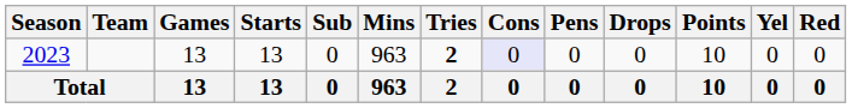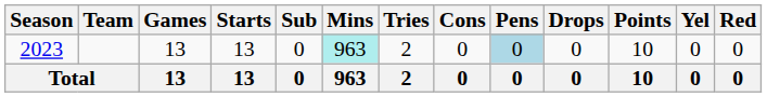 <table class="wikitable" style="text-align:center; line-height:90%; font-size:95%; width:60%;">
 <tr>
 <th>Season</th>
 <th>Team</th>
 <th>Games</th>
 <th>Starts</th>
 <th>Sub</th>
 <th>Mins</th>
 <th>Tries</th>
 <th>Cons</th>
 <th>Pens</th>
 <th>Drops</th>
 <th>Points</th>
 <th>Yel</th>
 <th>Red</th>
 </tr>
 <tr>
 <td><a href='#'>2023</a></td>
 <td></td>
 <td>13</td>
 <td>13</td>
 <td>0</td>
-<td>963</td>
-<td><strong>2</strong></td>
-<td style="background: lavender;">0</td>
+<td style="background: paleturquoise;">963</td>
+<td>2</td>
 <td>0</td>
+<td style="background: lightblue;">0</td>
 <td>0</td>
 <td>10</td>
 <td>0</td>
 <td>0</td>
 </tr>
 <tr>
 <th colspan="2">Total</th>
 <th>13</th>
 <th>13</th>
 <th>0</th>
 <th>963</th>
 <th>2</th>
 <th>0</th>
 <th>0</th>
 <th>0</th>
 <th>10</th>
 <th>0</th>
 <th>0</th>
 </tr>
 </table>
